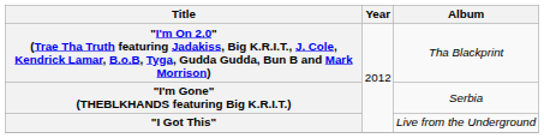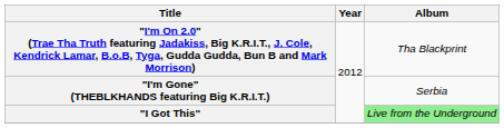 <table class="wikitable plainrowheaders" style="text-align:center;">
 <tr>
 <th scope="col" rowspan="1" style="width:30em;">Title</th>
 <th scope="col" rowspan="1">Year</th>
 <th scope="col" rowspan="1">Album</th>
 </tr>
 <tr>
 <th scope="row">"<a href='#'>I'm On 2.0</a>"<br><span>(<a href='#'>Trae Tha Truth</a> featuring <a href='#'>Jadakiss</a>, Big K.R.I.T., <a href='#'>J. Cole</a>, <a href='#'>Kendrick Lamar</a>, <a href='#'>B.o.B</a>, <a href='#'>Tyga</a>, Gudda Gudda, Bun B and <a href='#'>Mark Morrison</a>)</span></th>
 <td rowspan="3">2012</td>
 <td><em>Tha Blackprint</em></td>
 </tr>
 <tr>
 <th scope="row">"I'm Gone" <br><span>(THEBLKHANDS featuring Big K.R.I.T.)</span></th>
 <td><em>Serbia</em></td>
 </tr>
 <tr>
 <th scope="row">"I Got This"</th>
-<td><em>Live from the Underground</em></td>
+<td style="background: lightgreen;"><em>Live from the Underground</em></td>
 </tr>
 <tr>
 </tr>
 </table>
